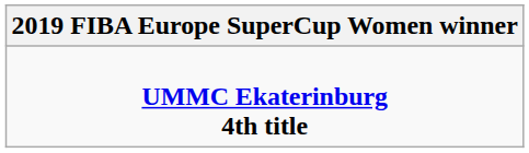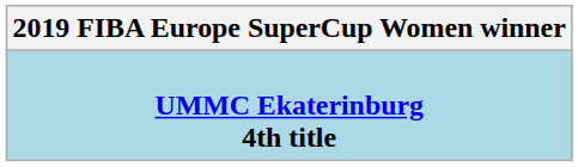 <table class=wikitable style="text-align:center; margin:auto">
 <tr>
 <th>2019 FIBA Europe SuperCup Women winner</th>
 </tr>
 <tr>
-<td><br><strong><a href='#'>UMMC Ekaterinburg</a></strong><br><strong>4th title</strong></td>
+<td style="background: lightblue;"><br><strong><a href='#'>UMMC Ekaterinburg</a></strong><br><strong>4th title</strong></td>
 </tr>
 </table>
